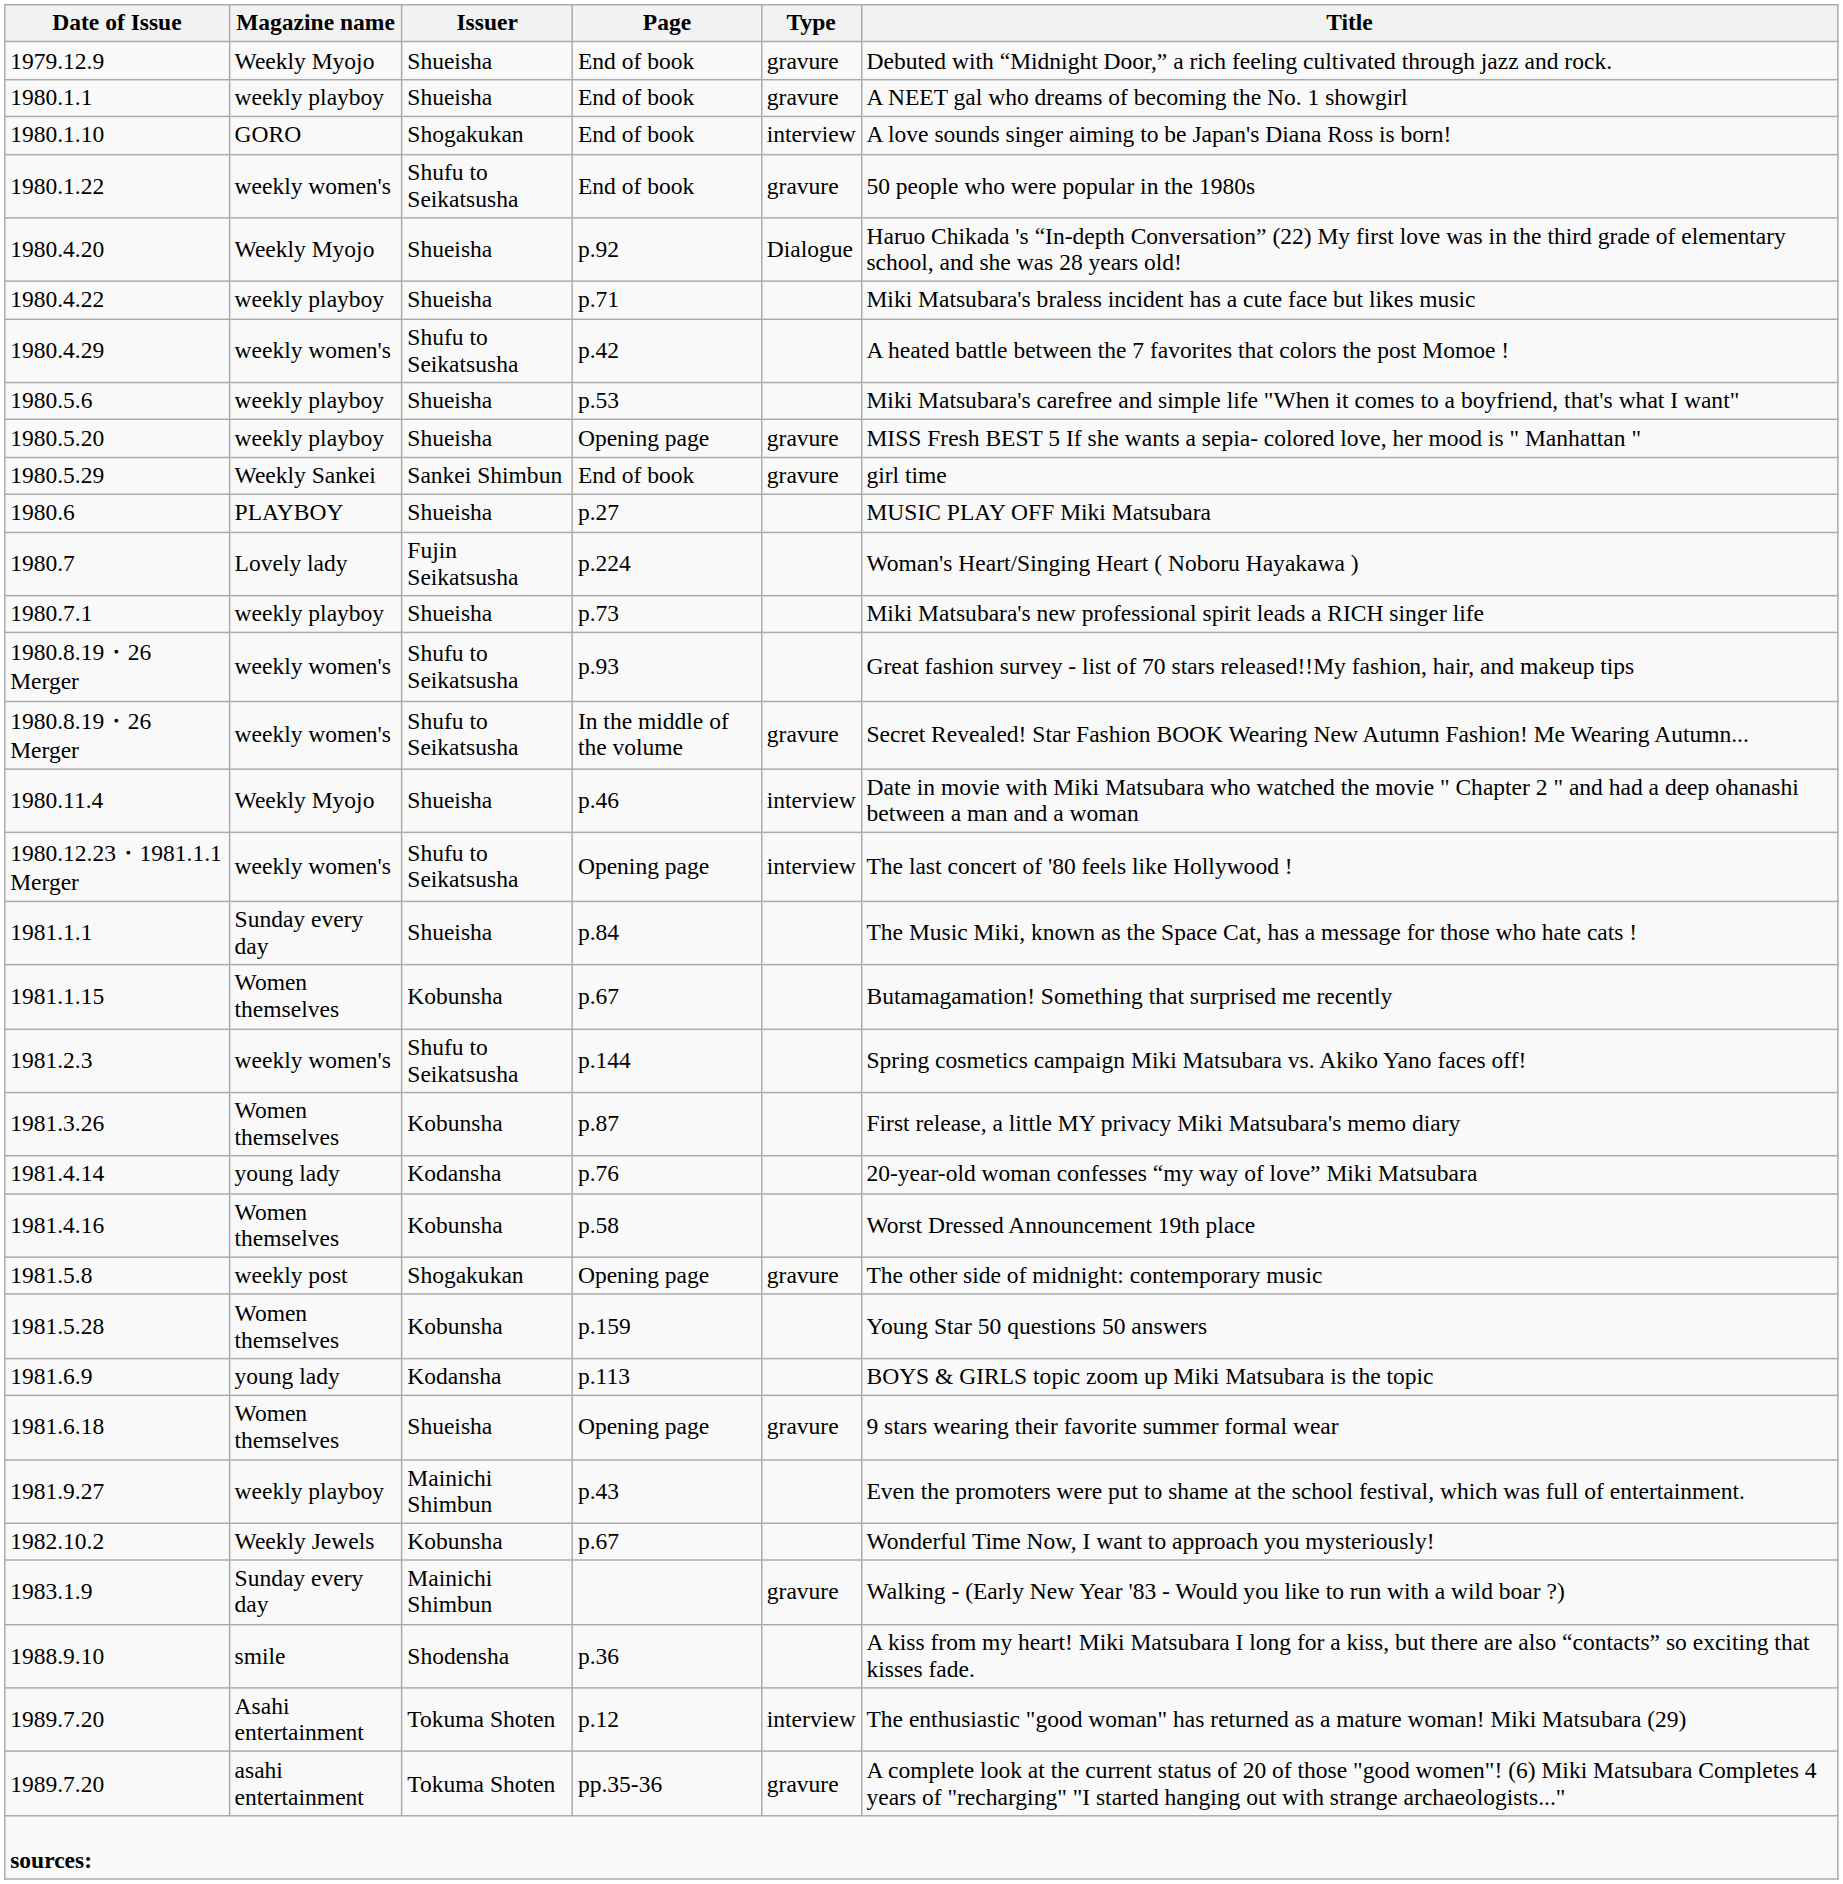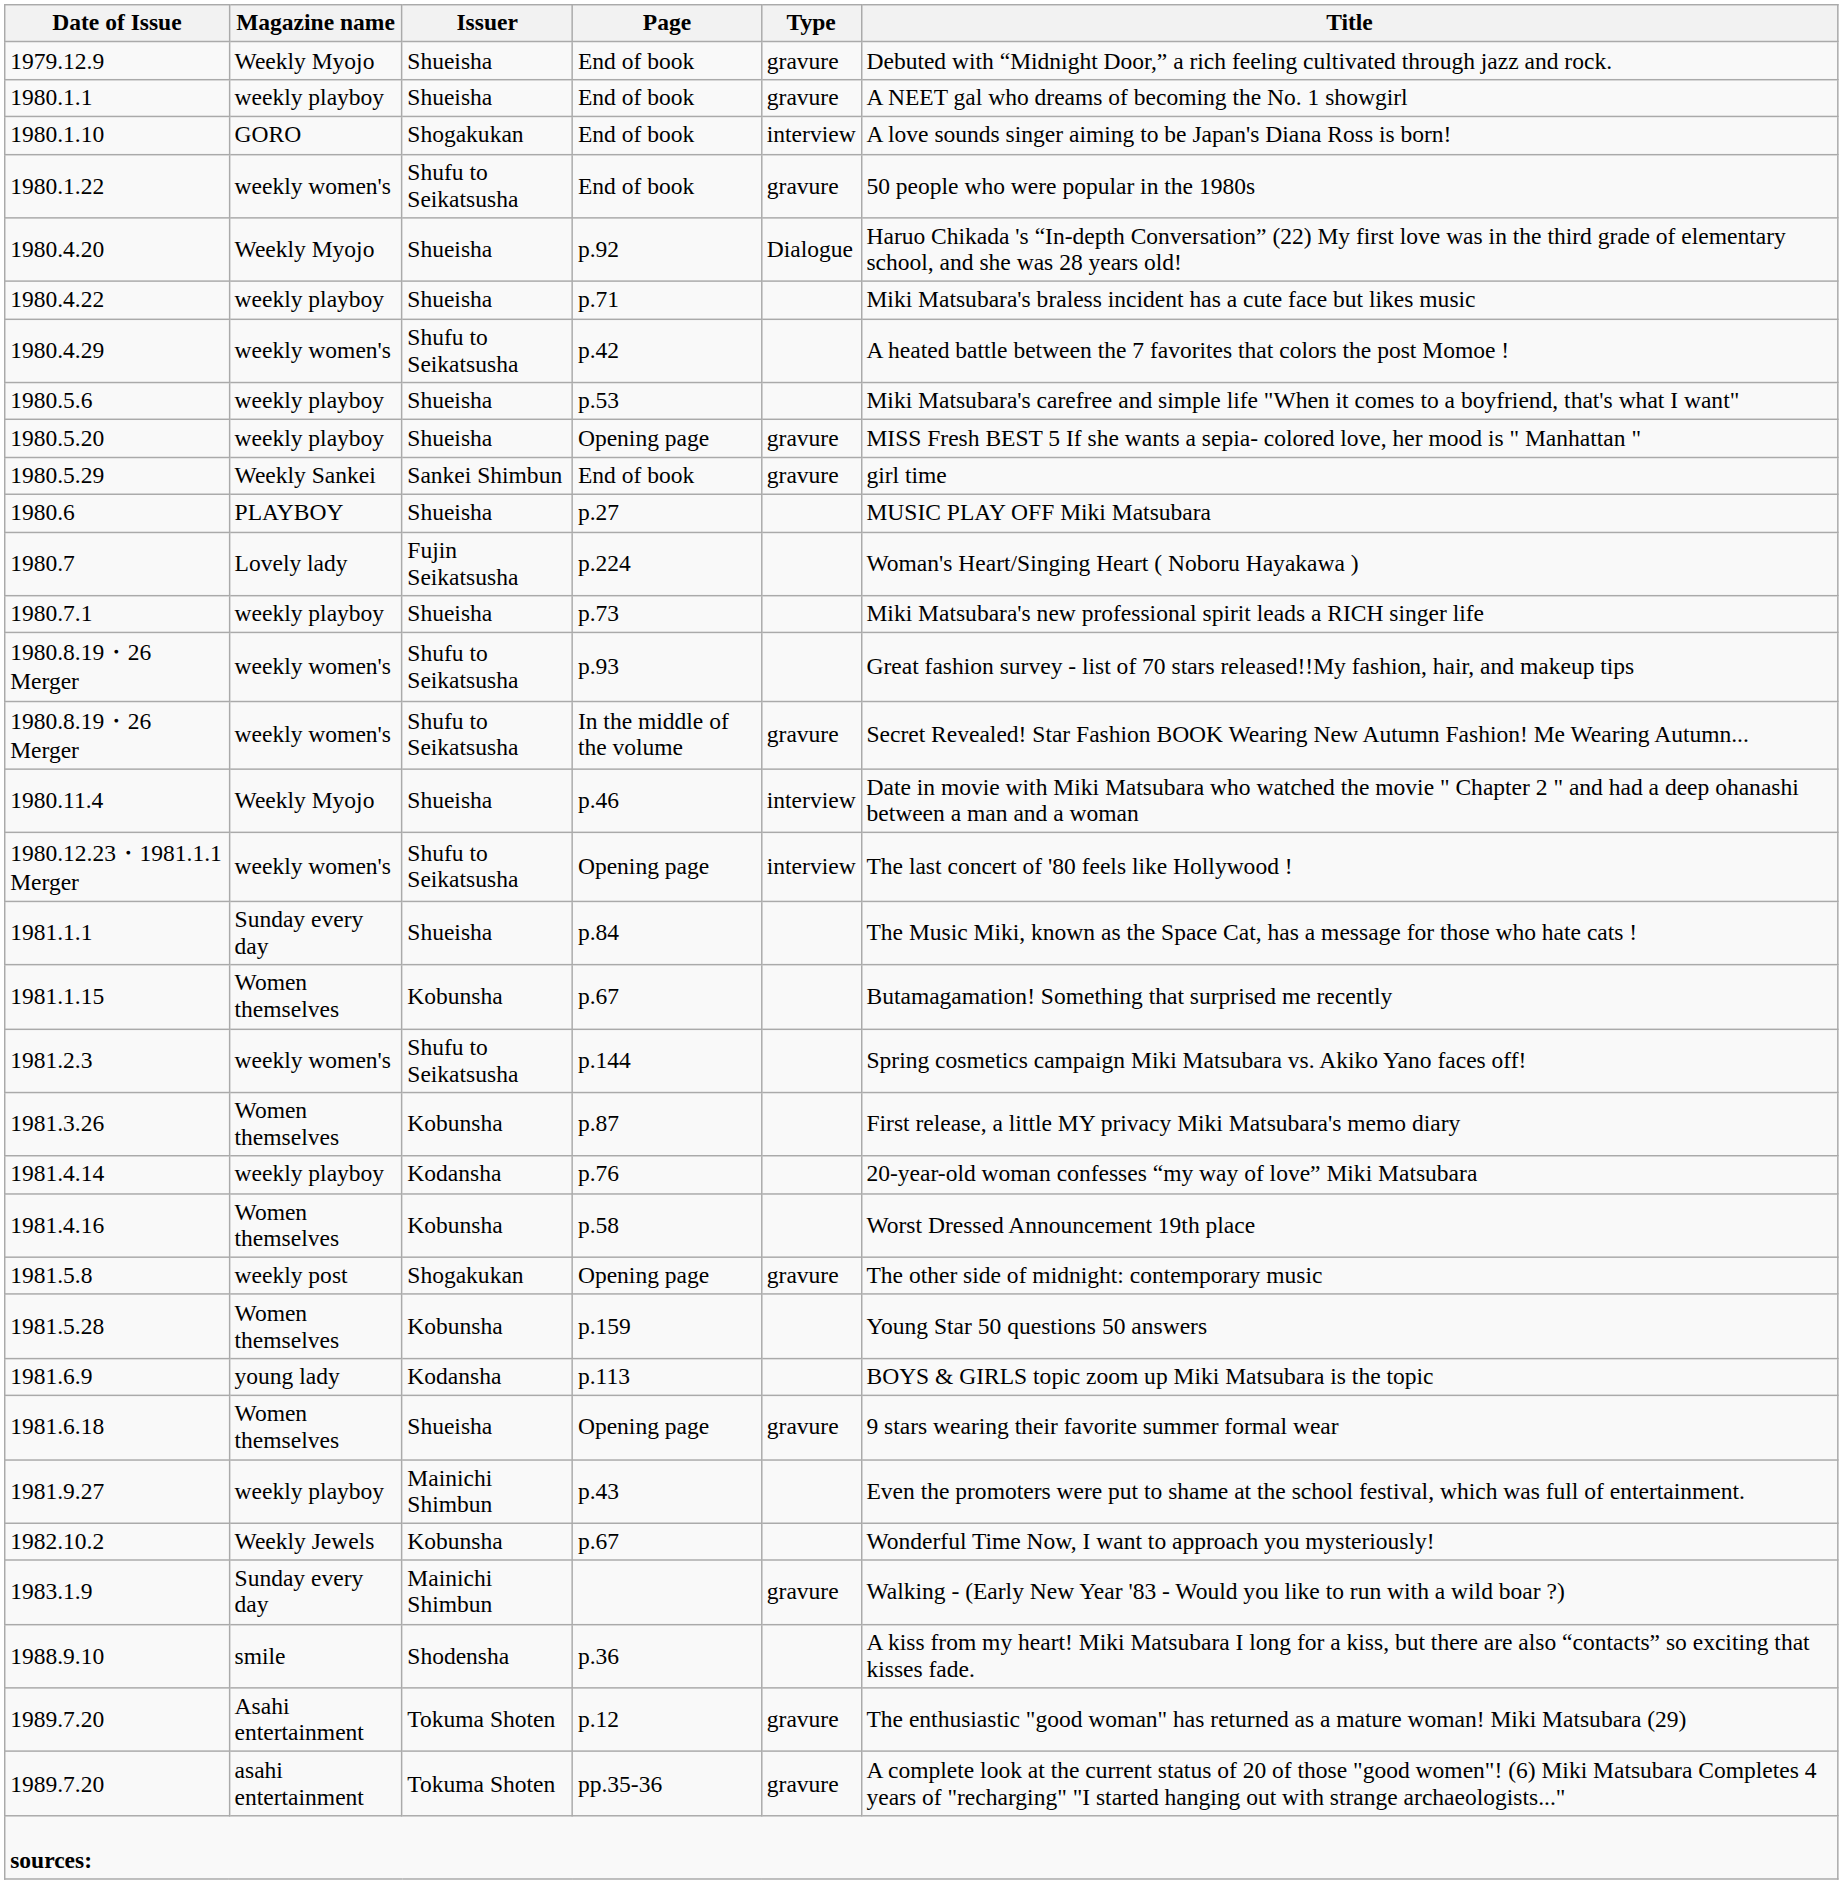 <table class="wikitable">
 <tr>
 <th>Date of Issue</th>
 <th>Magazine name</th>
 <th>Issuer</th>
 <th>Page</th>
 <th>Type</th>
 <th>Title</th>
 </tr>
 <tr>
 <td>1979.12.9</td>
 <td>Weekly Myojo</td>
 <td>Shueisha</td>
 <td>End of book</td>
 <td>gravure</td>
 <td>Debuted with “Midnight Door,” a rich feeling cultivated through jazz and rock.</td>
 </tr>
 <tr>
 <td>1980.1.1</td>
 <td>weekly playboy</td>
 <td>Shueisha</td>
 <td>End of book</td>
 <td>gravure</td>
 <td>A NEET gal who dreams of becoming the No. 1 showgirl</td>
 </tr>
 <tr>
 <td>1980.1.10</td>
 <td>GORO</td>
 <td>Shogakukan</td>
 <td>End of book</td>
 <td>interview</td>
 <td>A love sounds singer aiming to be Japan's Diana Ross is born!</td>
 </tr>
 <tr>
 <td>1980.1.22</td>
 <td>weekly women's</td>
 <td>Shufu to Seikatsusha</td>
 <td>End of book</td>
 <td>gravure</td>
 <td>50 people who were popular in the 1980s</td>
 </tr>
 <tr>
 <td>1980.4.20</td>
 <td>Weekly Myojo</td>
 <td>Shueisha</td>
 <td>p.92</td>
 <td>Dialogue</td>
 <td>Haruo Chikada 's “In-depth Conversation” (22) My first love was in the third grade of elementary school, and she was 28 years old!</td>
 </tr>
 <tr>
 <td>1980.4.22</td>
 <td>weekly playboy</td>
 <td>Shueisha</td>
 <td>p.71</td>
 <td></td>
 <td>Miki Matsubara's braless incident has a cute face but likes music</td>
 </tr>
 <tr>
 <td>1980.4.29</td>
 <td>weekly women's</td>
 <td>Shufu to Seikatsusha</td>
 <td>p.42</td>
 <td></td>
 <td>A heated battle between the 7 favorites that colors the post Momoe !</td>
 </tr>
 <tr>
 <td>1980.5.6</td>
 <td>weekly playboy</td>
 <td>Shueisha</td>
 <td>p.53</td>
 <td></td>
 <td>Miki Matsubara's carefree and simple life "When it comes to a boyfriend, that's what I want"</td>
 </tr>
 <tr>
 <td>1980.5.20</td>
 <td>weekly playboy</td>
 <td>Shueisha</td>
 <td>Opening page</td>
 <td>gravure</td>
 <td>MISS Fresh BEST 5 If she wants a sepia- colored love, her mood is " Manhattan "</td>
 </tr>
 <tr>
 <td>1980.5.29</td>
 <td>Weekly Sankei</td>
 <td>Sankei Shimbun</td>
 <td>End of book</td>
 <td>gravure</td>
 <td>girl time</td>
 </tr>
 <tr>
 <td>1980.6</td>
 <td>PLAYBOY</td>
 <td>Shueisha</td>
 <td>p.27</td>
 <td></td>
 <td>MUSIC PLAY OFF Miki Matsubara</td>
 </tr>
 <tr>
 <td>1980.7</td>
 <td>Lovely lady</td>
 <td>Fujin Seikatsusha</td>
 <td>p.224</td>
 <td></td>
 <td>Woman's Heart/Singing Heart ( Noboru Hayakawa )</td>
 </tr>
 <tr>
 <td>1980.7.1</td>
 <td>weekly playboy</td>
 <td>Shueisha</td>
 <td>p.73</td>
 <td></td>
 <td>Miki Matsubara's new professional spirit leads a RICH singer life</td>
 </tr>
 <tr>
 <td>1980.8.19・26 Merger</td>
 <td>weekly women's</td>
 <td>Shufu to Seikatsusha</td>
 <td>p.93</td>
 <td></td>
 <td>Great fashion survey - list of 70 stars released!!My fashion, hair, and makeup tips</td>
 </tr>
 <tr>
 <td>1980.8.19・26 Merger</td>
 <td>weekly women's</td>
 <td>Shufu to Seikatsusha</td>
 <td>In the middle of the volume</td>
 <td>gravure</td>
 <td>Secret Revealed! Star Fashion BOOK Wearing New Autumn Fashion! Me Wearing Autumn...</td>
 </tr>
 <tr>
 <td>1980.11.4</td>
 <td>Weekly Myojo</td>
 <td>Shueisha</td>
 <td>p.46</td>
 <td>interview</td>
 <td>Date in movie with Miki Matsubara who watched the movie " Chapter 2 " and had a deep ohanashi between a man and a woman</td>
 </tr>
 <tr>
 <td>1980.12.23・1981.1.1 Merger</td>
 <td>weekly women's</td>
 <td>Shufu to Seikatsusha</td>
 <td>Opening page</td>
 <td>interview</td>
 <td>The last concert of '80 feels like Hollywood !</td>
 </tr>
 <tr>
 <td>1981.1.1</td>
 <td>Sunday every day</td>
 <td>Shueisha</td>
 <td>p.84</td>
 <td></td>
 <td>The Music Miki, known as the Space Cat, has a message for those who hate cats !</td>
 </tr>
 <tr>
 <td>1981.1.15</td>
 <td>Women themselves</td>
 <td>Kobunsha</td>
 <td>p.67</td>
 <td></td>
 <td>Butamagamation! Something that surprised me recently</td>
 </tr>
 <tr>
 <td>1981.2.3</td>
 <td>weekly women's</td>
 <td>Shufu to Seikatsusha</td>
 <td>p.144</td>
 <td></td>
 <td>Spring cosmetics campaign Miki Matsubara vs. Akiko Yano faces off!</td>
 </tr>
 <tr>
 <td>1981.3.26</td>
 <td>Women themselves</td>
 <td>Kobunsha</td>
 <td>p.87</td>
 <td></td>
 <td>First release, a little MY privacy Miki Matsubara's memo diary</td>
 </tr>
 <tr>
 <td>1981.4.14</td>
-<td>young lady</td>
+<td>weekly playboy</td>
 <td>Kodansha</td>
 <td>p.76</td>
 <td></td>
 <td>20-year-old woman confesses “my way of love” Miki Matsubara</td>
 </tr>
 <tr>
 <td>1981.4.16</td>
 <td>Women themselves</td>
 <td>Kobunsha</td>
 <td>p.58</td>
 <td></td>
 <td>Worst Dressed Announcement 19th place</td>
 </tr>
 <tr>
 <td>1981.5.8</td>
 <td>weekly post</td>
 <td>Shogakukan</td>
 <td>Opening page</td>
 <td>gravure</td>
 <td>The other side of midnight: contemporary music</td>
 </tr>
 <tr>
 <td>1981.5.28</td>
 <td>Women themselves</td>
 <td>Kobunsha</td>
 <td>p.159</td>
 <td></td>
 <td>Young Star 50 questions 50 answers</td>
 </tr>
 <tr>
 <td>1981.6.9</td>
 <td>young lady</td>
 <td>Kodansha</td>
 <td>p.113</td>
 <td></td>
 <td>BOYS & GIRLS topic zoom up Miki Matsubara is the topic</td>
 </tr>
 <tr>
 <td>1981.6.18</td>
 <td>Women themselves</td>
 <td>Shueisha</td>
 <td>Opening page</td>
 <td>gravure</td>
 <td>9 stars wearing their favorite summer formal wear</td>
 </tr>
 <tr>
 <td>1981.9.27</td>
 <td>weekly playboy</td>
 <td>Mainichi Shimbun</td>
 <td>p.43</td>
 <td></td>
 <td>Even the promoters were put to shame at the school festival, which was full of entertainment.</td>
 </tr>
 <tr>
 <td>1982.10.2</td>
 <td>Weekly Jewels</td>
 <td>Kobunsha</td>
 <td>p.67</td>
 <td></td>
 <td>Wonderful Time Now, I want to approach you mysteriously!</td>
 </tr>
 <tr>
 <td>1983.1.9</td>
 <td>Sunday every day</td>
 <td>Mainichi Shimbun</td>
 <td></td>
 <td>gravure</td>
 <td>Walking - (Early New Year '83 - Would you like to run with a wild boar ?)</td>
 </tr>
 <tr>
 <td>1988.9.10</td>
 <td>smile</td>
 <td>Shodensha</td>
 <td>p.36</td>
 <td></td>
 <td>A kiss from my heart! Miki Matsubara I long for a kiss, but there are also “contacts” so exciting that kisses fade.</td>
 </tr>
 <tr>
 <td>1989.7.20</td>
 <td>Asahi entertainment</td>
 <td>Tokuma Shoten</td>
 <td>p.12</td>
-<td>interview</td>
+<td>gravure</td>
 <td>The enthusiastic "good woman" has returned as a mature woman! Miki Matsubara (29)</td>
 </tr>
 <tr>
 <td>1989.7.20</td>
 <td>asahi entertainment</td>
 <td>Tokuma Shoten</td>
 <td>pp.35-36</td>
 <td>gravure</td>
 <td>A complete look at the current status of 20 of those "good women"! (6) Miki Matsubara Completes 4 years of "recharging" "I started hanging out with strange archaeologists..."</td>
 </tr>
 <tr>
 <td colspan="7"><br><strong>sources:</strong> </td>
 </tr>
 </table>
